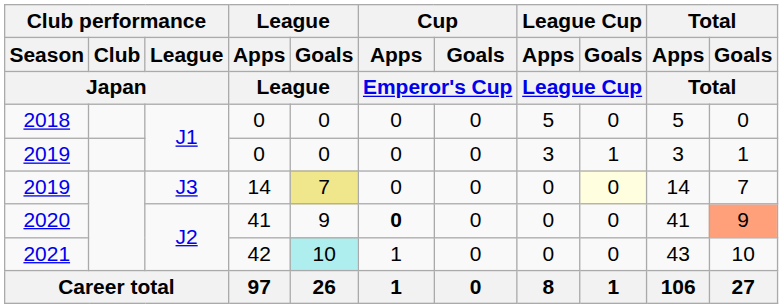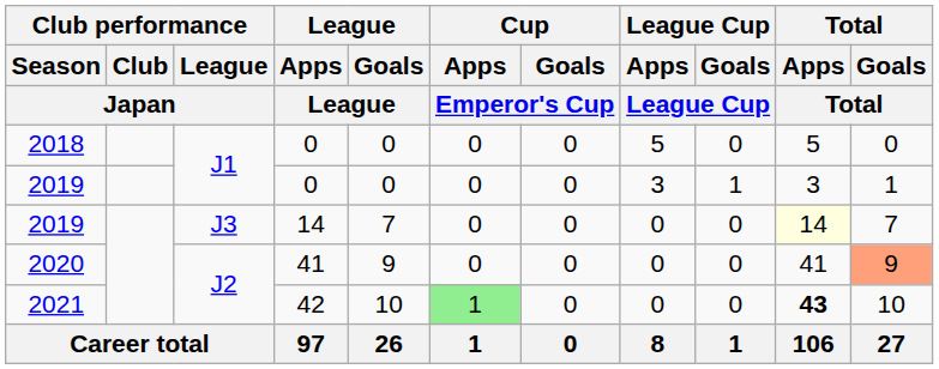 <table class="wikitable" style="text-align:center;">
 <tr>
 <th colspan=3>Club performance</th>
 <th colspan=2>League</th>
 <th colspan=2>Cup</th>
 <th colspan=2>League Cup</th>
 <th colspan=2>Total</th>
 </tr>
 <tr>
 <th>Season</th>
 <th>Club</th>
 <th>League</th>
 <th>Apps</th>
 <th>Goals</th>
 <th>Apps</th>
 <th>Goals</th>
 <th>Apps</th>
 <th>Goals</th>
 <th>Apps</th>
 <th>Goals</th>
 </tr>
 <tr>
 <th colspan=3>Japan</th>
 <th colspan=2>League</th>
 <th colspan=2><a href='#'>Emperor's Cup</a></th>
 <th colspan=2><a href='#'>League Cup</a></th>
 <th colspan=2>Total</th>
 </tr>
 <tr>
 <td><a href='#'>2018</a></td>
 <td rowspan="1"></td>
 <td rowspan="2"><a href='#'>J1</a></td>
 <td>0</td>
 <td>0</td>
 <td>0</td>
 <td>0</td>
 <td>5</td>
 <td>0</td>
 <td>5</td>
 <td>0</td>
 </tr>
 <tr>
 <td><a href='#'>2019</a></td>
 <td rowspan="1"></td>
 <td>0</td>
 <td>0</td>
 <td>0</td>
 <td>0</td>
 <td>3</td>
 <td>1</td>
 <td>3</td>
 <td>1</td>
 </tr>
 <tr>
 <td><a href='#'>2019</a></td>
 <td rowspan="3"></td>
 <td rowspan="1"><a href='#'>J3</a></td>
 <td>14</td>
-<td style="background: khaki;">7</td>
+<td>7</td>
 <td>0</td>
 <td>0</td>
 <td>0</td>
-<td style="background: lightyellow;">0</td>
-<td>14</td>
+<td>0</td>
+<td style="background: lightyellow;">14</td>
 <td>7</td>
 </tr>
 <tr>
 <td><a href='#'>2020</a></td>
 <td rowspan="2"><a href='#'>J2</a></td>
 <td>41</td>
 <td>9</td>
-<td><strong>0</strong></td>
+<td>0</td>
 <td>0</td>
 <td>0</td>
 <td>0</td>
 <td>41</td>
 <td style="background: lightsalmon;">9</td>
 </tr>
 <tr>
 <td><a href='#'>2021</a></td>
 <td>42</td>
-<td style="background: paleturquoise;">10</td>
-<td>1</td>
+<td>10</td>
+<td style="background: lightgreen;">1</td>
 <td>0</td>
 <td>0</td>
 <td>0</td>
-<td>43</td>
+<td><strong>43</strong></td>
 <td>10</td>
 </tr>
 <tr>
 <th colspan=3>Career total</th>
 <th>97</th>
 <th>26</th>
 <th>1</th>
 <th>0</th>
 <th>8</th>
 <th>1</th>
 <th>106</th>
 <th>27</th>
 </tr>
 </table>
